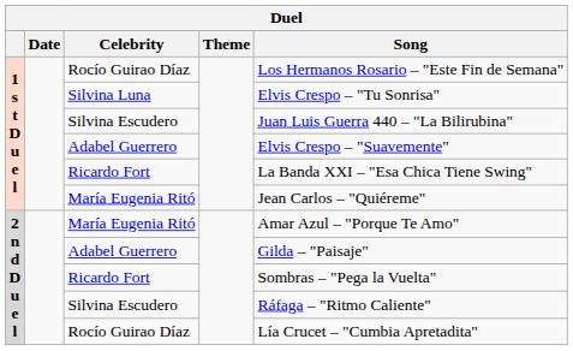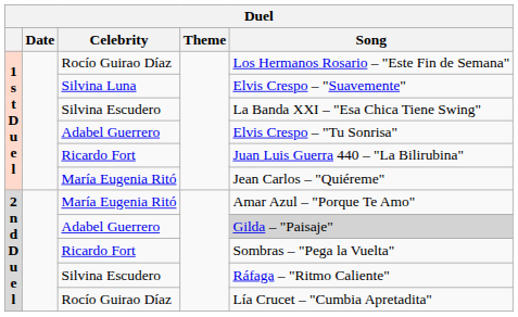 <table class="wikitable collapsible collapsed">
 <tr>
 <th colspan="10" align=center>Duel</th>
 </tr>
 <tr>
 <th></th>
 <th>Date</th>
 <th>Celebrity</th>
 <th>Theme</th>
 <th>Song</th>
 </tr>
 <tr>
 <th rowspan="6" style="text-align:center; background:#ffdacc; textcolor:#000;"><span>1<br>s<br>t<br>D<br>u<br>e<br>l</span></th>
 <td rowspan="6"></td>
 <td>Rocío Guirao Díaz</td>
 <td rowspan="6"></td>
 <td><a href='#'>Los Hermanos Rosario</a> – "Este Fin de Semana"</td>
 </tr>
 <tr>
 <td><a href='#'>Silvina Luna</a></td>
+<td><a href='#'>Elvis Crespo</a> – "<a href='#'>Suavemente</a>"</td>
+</tr>
+<tr>
+<td>Silvina Escudero</td>
+<td>La Banda XXI – "Esa Chica Tiene Swing"</td>
+</tr>
+<tr>
+<td><a href='#'>Adabel Guerrero</a></td>
 <td><a href='#'>Elvis Crespo</a> – "Tu Sonrisa"</td>
 </tr>
 <tr>
-<td>Silvina Escudero</td>
+<td><a href='#'>Ricardo Fort</a></td>
 <td><a href='#'>Juan Luis Guerra</a> 440 – "La Bilirubina"</td>
-</tr>
-<tr>
-<td><a href='#'>Adabel Guerrero</a></td>
-<td><a href='#'>Elvis Crespo</a> – "<a href='#'>Suavemente</a>"</td>
-</tr>
-<tr>
-<td><a href='#'>Ricardo Fort</a></td>
-<td>La Banda XXI – "Esa Chica Tiene Swing"</td>
 </tr>
 <tr>
 <td><a href='#'>María Eugenia Ritó</a></td>
 <td>Jean Carlos – "Quiéreme"</td>
 </tr>
 <tr>
 <th rowspan="5" style="text-align:center; background:#d8d8d8; textcolor:#000;"><span>2<br>n<br>d<br>D<br>u<br>e<br>l</span></th>
 <td rowspan="5"></td>
 <td><a href='#'>María Eugenia Ritó</a></td>
 <td rowspan="5"></td>
 <td>Amar Azul – "Porque Te Amo"</td>
 </tr>
 <tr>
 <td><a href='#'>Adabel Guerrero</a></td>
-<td><a href='#'>Gilda</a> – "Paisaje"</td>
+<td style="background: lightgrey;"><a href='#'>Gilda</a> – "Paisaje"</td>
 </tr>
 <tr>
 <td><a href='#'>Ricardo Fort</a></td>
 <td>Sombras – "Pega la Vuelta"</td>
 </tr>
 <tr>
 <td>Silvina Escudero</td>
 <td><a href='#'>Ráfaga</a> – "Ritmo Caliente"</td>
 </tr>
 <tr>
 <td>Rocío Guirao Díaz</td>
 <td>Lía Crucet – "Cumbia Apretadita"</td>
 </tr>
 </table>
